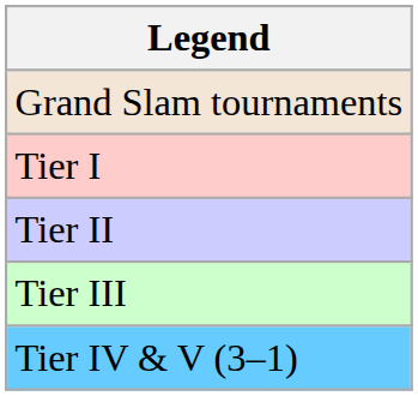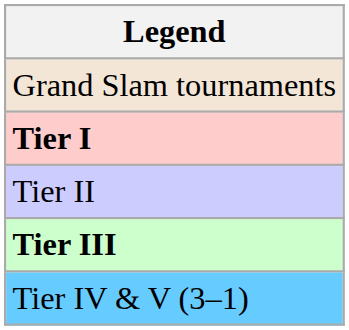 <table class="wikitable" style="font-size:95%;">
 <tr>
 <th>Legend</th>
 </tr>
 <tr>
 <td bgcolor=#f3e6d7>Grand Slam tournaments</td>
 </tr>
 <tr>
-<td bgcolor=#ffcccc>Tier I</td>
+<td bgcolor=#ffcccc><strong>Tier I</strong></td>
 </tr>
 <tr>
 <td bgcolor=#ccccff>Tier II</td>
 </tr>
 <tr>
-<td bgcolor=#CCFFCC>Tier III</td>
+<td bgcolor=#CCFFCC><strong>Tier III</strong></td>
 </tr>
 <tr>
 <td bgcolor=#66CCFF>Tier IV & V (3–1)</td>
 </tr>
 </table>
